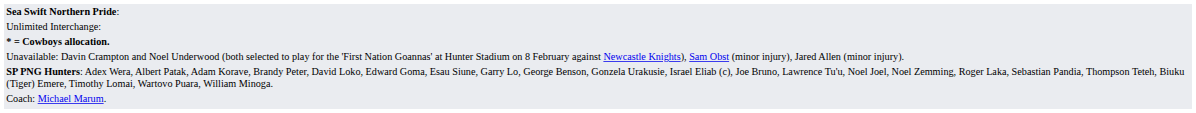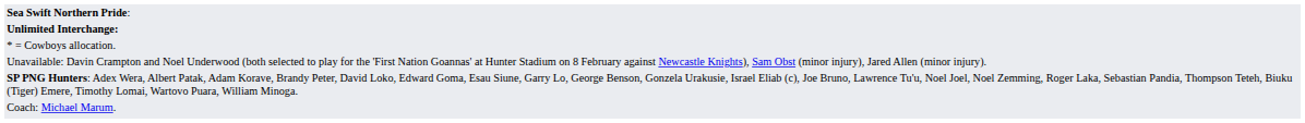 <table style="background:#eaecf0; font-size:85%; width:100%;">
 <tr>
 <td><strong>Sea Swift Northern Pride</strong>:             </td>
 </tr>
 <tr>
-<td>Unlimited Interchange:       </td>
+<td><strong>Unlimited Interchange:       </strong></td>
 </tr>
 <tr>
-<td><strong>* = Cowboys allocation.</strong></td>
+<td>* = Cowboys allocation.</td>
 </tr>
 <tr>
 <td>Unavailable: Davin Crampton and Noel Underwood (both selected to play for the 'First Nation Goannas' at Hunter Stadium on 8 February against <a href='#'>Newcastle Knights</a>), <a href='#'>Sam Obst</a> (minor injury), Jared Allen (minor injury).</td>
 </tr>
 <tr>
 <td><strong>SP PNG Hunters</strong>: Adex Wera, Albert Patak, Adam Korave, Brandy Peter, David Loko, Edward Goma, Esau Siune, Garry Lo, George Benson, Gonzela Urakusie, Israel Eliab (c), Joe Bruno, Lawrence Tu'u, Noel Joel, Noel Zemming, Roger Laka, Sebastian Pandia, Thompson Teteh, Biuku (Tiger) Emere, Timothy Lomai, Wartovo Puara, William Minoga.</td>
 </tr>
 <tr>
 <td>Coach: <a href='#'>Michael Marum</a>.</td>
 </tr>
 <tr>
 </tr>
 </table>
